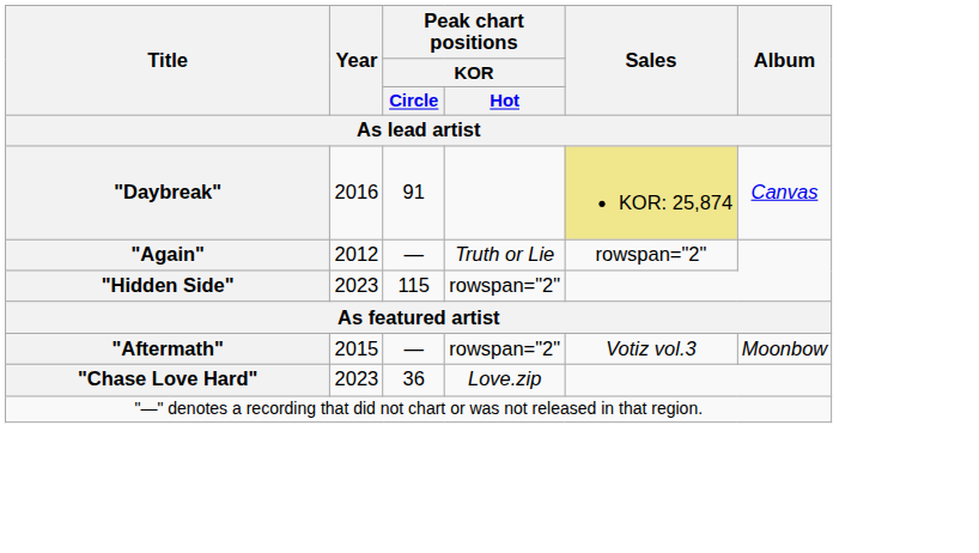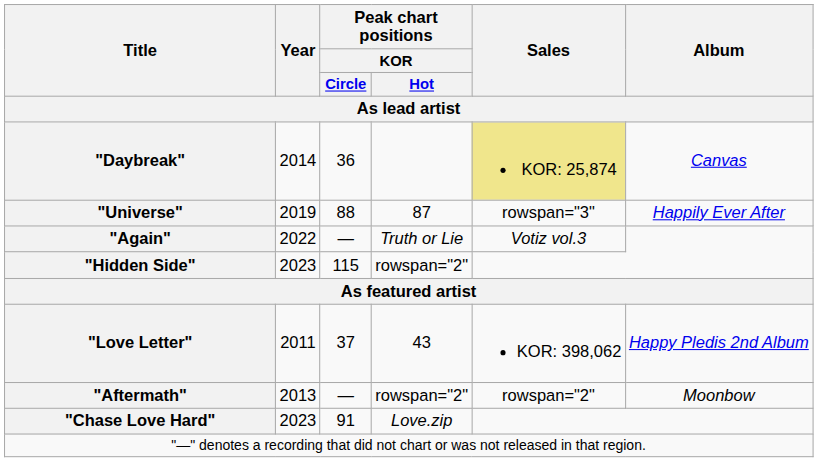 <table class="wikitable plainrowheaders" style="text-align:center;">
 <tr>
 <th scope="col" rowspan="3" style="width:16em;">Title</th>
 <th scope="col" rowspan="3">Year</th>
 <th scope="col" colspan="2">Peak chart<br>positions</th>
 <th scope="col" rowspan="3">Sales</th>
 <th scope="col" rowspan="3">Album</th>
 </tr>
 <tr>
 <th scope="col" colspan="2" style="font-size:90%">KOR</th>
 </tr>
 <tr>
 <th scope="col" style="width:3em;font-size:90%;"><a href='#'>Circle</a><br></th>
 <th scope="col" style="width:3em;font-size:90%;"><a href='#'>Hot</a><br></th>
 </tr>
 <tr>
 <th colspan="6">As lead artist</th>
 </tr>
 <tr>
 <th scope="row">"Daybreak"<br></th>
-<td>2016</td>
-<td>91</td>
+<td>2014</td>
+<td>36</td>
 <td></td>
 <td style="background: khaki;"><br><ul><li>KOR: 25,874</li></ul></td>
 <td><em><a href='#'>Canvas</a></em></td>
 </tr>
 <tr>
+<th scope="row">"Universe" </th>
+<td>2019</td>
+<td>88</td>
+<td>87</td>
+<td>rowspan="3" </td>
+<td><em><a href='#'>Happily Ever After</a></em></td>
+</tr>
+<tr>
 <th scope="row">"Again" </th>
-<td>2012</td>
+<td>2022</td>
 <td>—</td>
 <td><em>Truth or Lie</em></td>
-<td>rowspan="2" </td>
+<td><em>Votiz vol.3</em></td>
 </tr>
 <tr>
 <th scope="row">"Hidden Side"</th>
 <td>2023</td>
 <td>115</td>
 <td>rowspan="2" </td>
 </tr>
 <tr>
 <th colspan="6">As featured artist</th>
 </tr>
 <tr>
+<th scope="row">"Love Letter"<br></th>
+<td>2011</td>
+<td>37</td>
+<td>43</td>
+<td><br><ul><li>KOR: 398,062</li></ul></td>
+<td><em><a href='#'>Happy Pledis 2nd Album</a></em></td>
+</tr>
+<tr>
 <th scope="row">"Aftermath" <br></th>
-<td>2015</td>
+<td>2013</td>
 <td>—</td>
 <td>rowspan="2" </td>
-<td><em>Votiz vol.3</em></td>
+<td>rowspan="2" </td>
 <td><em>Moonbow</em></td>
 </tr>
 <tr>
 <th scope="row">"Chase Love Hard"<br></th>
 <td>2023</td>
-<td>36</td>
+<td>91</td>
 <td><em>Love.zip</em></td>
 </tr>
 <tr>
 <td colspan="6" style="font-size:85%">"—" denotes a recording that did not chart or was not released in that region.</td>
 </tr>
 </table>
